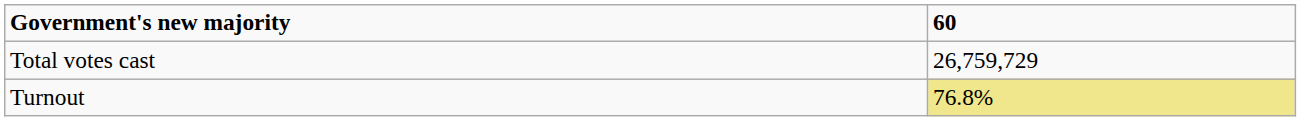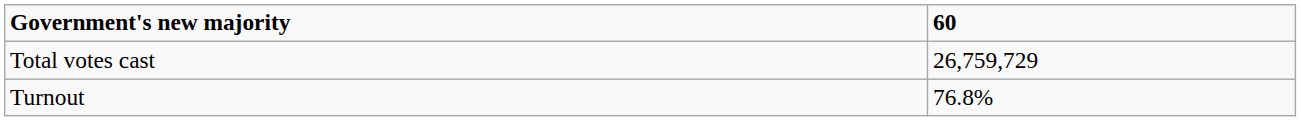 <table class="wikitable" style="width:70%">
 <tr>
 <td><strong>Government's new majority</strong></td>
 <td><strong>60</strong></td>
 </tr>
 <tr>
 <td>Total votes cast</td>
 <td>26,759,729</td>
 </tr>
 <tr>
 <td>Turnout</td>
-<td style="background: khaki;">76.8%</td>
+<td>76.8%</td>
 </tr>
 </table>
